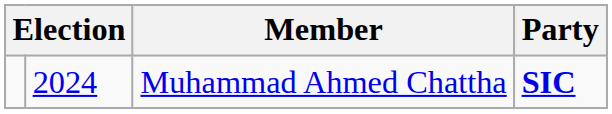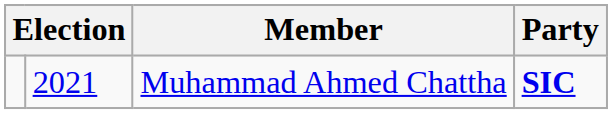 <table class="wikitable">
 <tr>
 <th colspan="2">Election</th>
 <th>Member</th>
 <th>Party</th>
 </tr>
 <tr>
 <td style="background-color: "></td>
-<td><a href='#'>2024</a></td>
+<td><a href='#'>2021</a></td>
 <td><a href='#'>Muhammad Ahmed Chattha</a></td>
 <td><strong><a href='#'>SIC</a></strong></td>
 </tr>
 </table>
